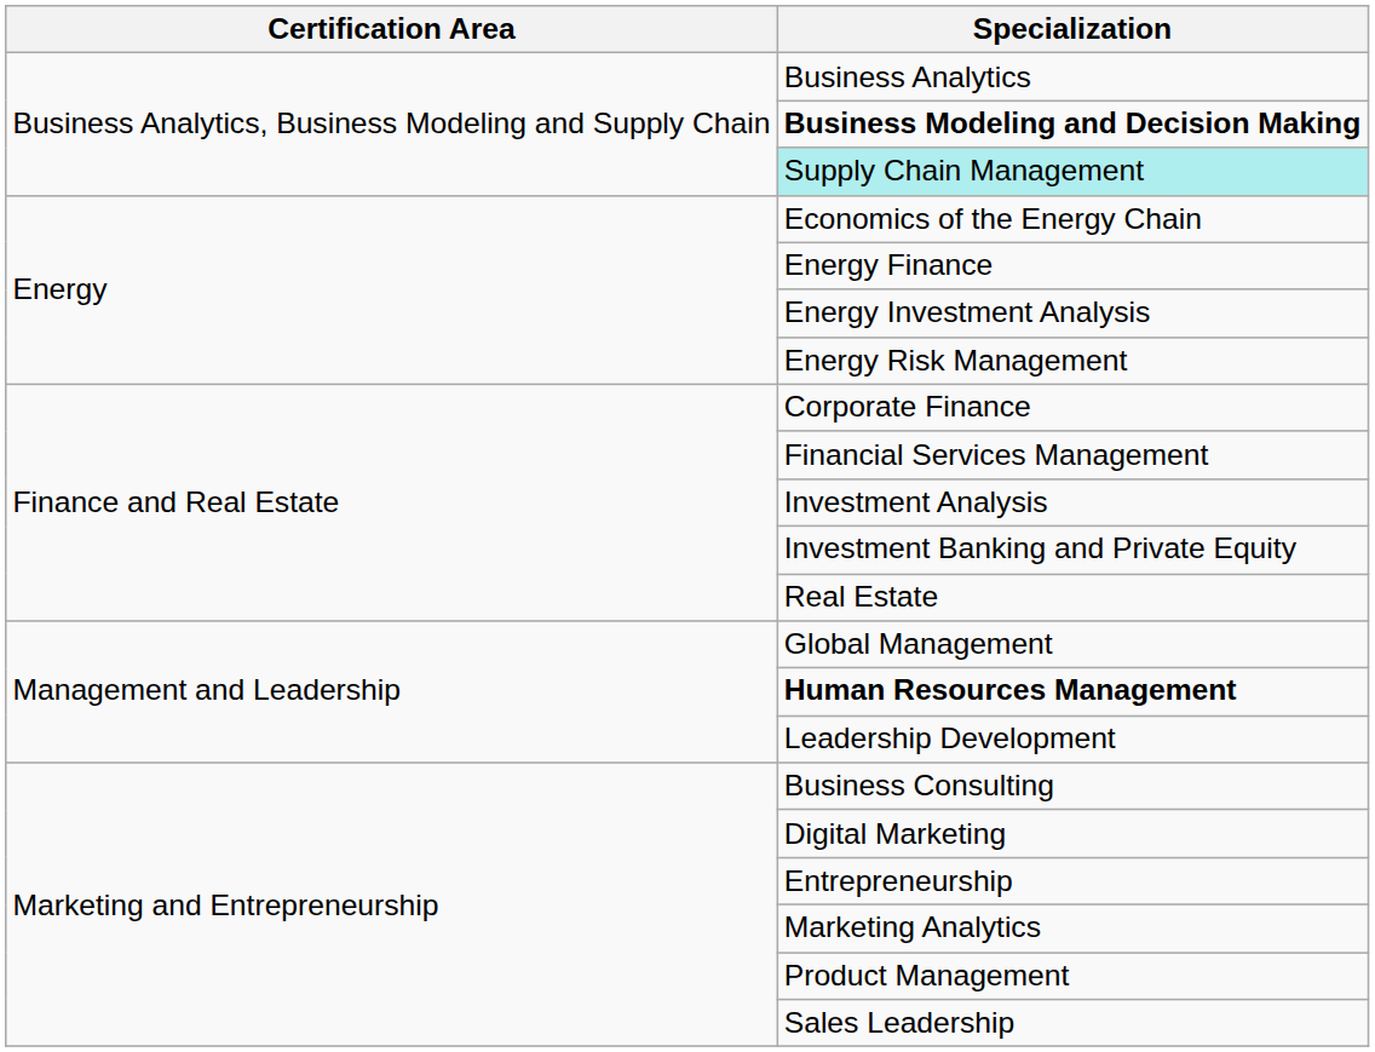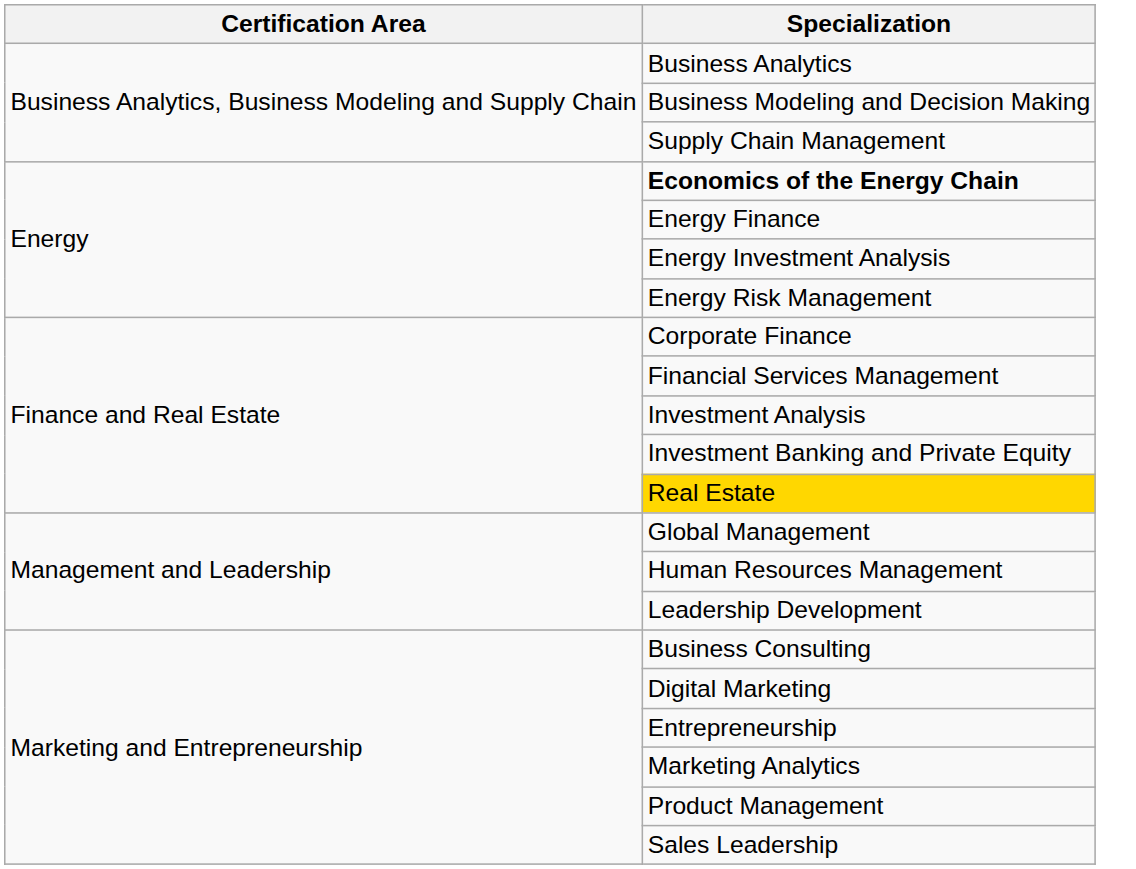 <table class="wikitable">
 <tr>
 <th>Certification Area</th>
 <th>Specialization</th>
 </tr>
 <tr>
 <td rowspan="3">Business Analytics, Business Modeling and Supply Chain</td>
 <td>Business Analytics</td>
 </tr>
 <tr>
-<td><strong>Business Modeling and Decision Making</strong></td>
+<td>Business Modeling and Decision Making</td>
 </tr>
 <tr>
-<td style="background: paleturquoise;">Supply Chain Management</td>
+<td>Supply Chain Management</td>
 </tr>
 <tr>
 <td rowspan="4">Energy</td>
-<td>Economics of the Energy Chain</td>
+<td><strong>Economics of the Energy Chain</strong></td>
 </tr>
 <tr>
 <td>Energy Finance</td>
 </tr>
 <tr>
 <td>Energy Investment Analysis</td>
 </tr>
 <tr>
 <td>Energy Risk Management</td>
 </tr>
 <tr>
 <td rowspan="5">Finance and Real Estate</td>
 <td>Corporate Finance</td>
 </tr>
 <tr>
 <td>Financial Services Management</td>
 </tr>
 <tr>
 <td>Investment Analysis</td>
 </tr>
 <tr>
 <td>Investment Banking and Private Equity</td>
 </tr>
 <tr>
-<td>Real Estate</td>
+<td style="background: gold;">Real Estate</td>
 </tr>
 <tr>
 <td rowspan="3">Management and Leadership</td>
 <td>Global Management</td>
 </tr>
 <tr>
-<td><strong>Human Resources Management</strong></td>
+<td>Human Resources Management</td>
 </tr>
 <tr>
 <td>Leadership Development</td>
 </tr>
 <tr>
 <td rowspan="6">Marketing and Entrepreneurship</td>
 <td>Business Consulting</td>
 </tr>
 <tr>
 <td>Digital Marketing</td>
 </tr>
 <tr>
 <td>Entrepreneurship</td>
 </tr>
 <tr>
 <td>Marketing Analytics</td>
 </tr>
 <tr>
 <td>Product Management</td>
 </tr>
 <tr>
 <td>Sales Leadership</td>
 </tr>
 </table>
